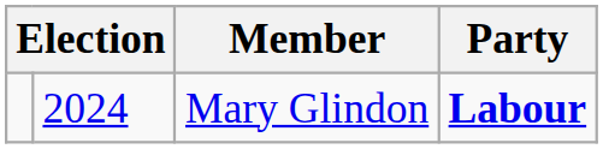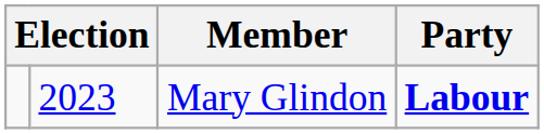 <table class="wikitable">
 <tr>
 <th colspan="2">Election</th>
 <th>Member</th>
 <th>Party</th>
 </tr>
 <tr>
 <td style="color:inherit;background-color: "></td>
-<td><a href='#'>2024</a></td>
+<td><a href='#'>2023</a></td>
 <td><a href='#'>Mary Glindon</a></td>
 <td><strong><a href='#'>Labour</a></strong></td>
 </tr>
 </table>
